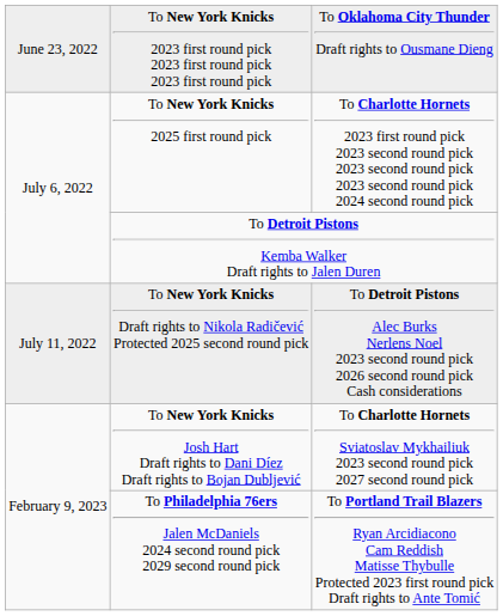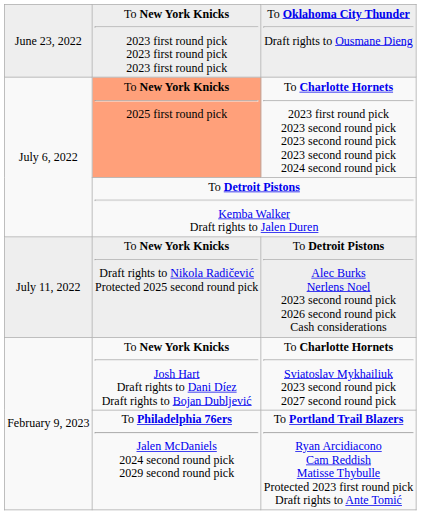 <table class="wikitable" style="text-align:center;">
 <tr style="background:#eee;">
 <td>June 23, 2022</td>
 <td style="vertical-align:top;">To <strong>New York Knicks</strong><hr>2023 first round pick<br>2023 first round pick<br>2023 first round pick</td>
 <td style="vertical-align:top;">To <strong><a href='#'>Oklahoma City Thunder</a></strong><hr>Draft rights to <a href='#'>Ousmane Dieng</a></td>
 </tr>
 <tr>
 <td rowspan="2">July 6, 2022</td>
-<td style="vertical-align:top;">To <strong>New York Knicks</strong><hr>2025 first round pick</td>
+<td style="background: lightsalmon; vertical-align:top;">To <strong>New York Knicks</strong><hr>2025 first round pick</td>
 <td style="vertical-align:top;">To <strong><a href='#'>Charlotte Hornets</a></strong><hr>2023 first round pick<br>2023 second round pick<br>2023 second round pick<br>2023 second round pick<br>2024 second round pick</td>
 </tr>
 <tr>
 <td style="vertical-align:top;" colspan="2">To <strong><a href='#'>Detroit Pistons</a></strong><hr><a href='#'>Kemba Walker</a><br>Draft rights to <a href='#'>Jalen Duren</a></td>
 </tr>
 <tr style="background:#eee;">
 <td>July 11, 2022</td>
 <td style="vertical-align:top;">To <strong>New York Knicks</strong><hr>Draft rights to <a href='#'>Nikola Radičević</a><br>Protected 2025 second round pick</td>
 <td style="vertical-align:top;">To <strong>Detroit Pistons</strong><hr><a href='#'>Alec Burks</a><br><a href='#'>Nerlens Noel</a><br>2023 second round pick<br>2026 second round pick<br>Cash considerations</td>
 </tr>
 <tr>
 <td rowspan="2">February 9, 2023</td>
 <td style="vertical-align:top;">To <strong>New York Knicks</strong><hr><a href='#'>Josh Hart</a><br>Draft rights to <a href='#'>Dani Díez</a><br>Draft rights to <a href='#'>Bojan Dubljević</a></td>
 <td style="vertical-align:top;">To <strong>Charlotte Hornets</strong><hr><a href='#'>Sviatoslav Mykhailiuk</a><br>2023 second round pick<br>2027 second round pick</td>
 </tr>
 <tr>
 <td style="vertical-align:top;">To <strong><a href='#'>Philadelphia 76ers</a></strong><hr><a href='#'>Jalen McDaniels</a><br>2024 second round pick<br>2029 second round pick</td>
 <td style="vertical-align:top;">To <strong><a href='#'>Portland Trail Blazers</a></strong><hr><a href='#'>Ryan Arcidiacono</a><br><a href='#'>Cam Reddish</a><br><a href='#'>Matisse Thybulle</a><br>Protected 2023 first round pick<br>Draft rights to <a href='#'>Ante Tomić</a></td>
 </tr>
 </table>
